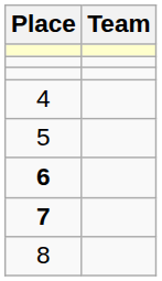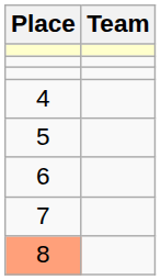 <table class="wikitable">
 <tr>
 <th>Place</th>
 <th>Team</th>
 </tr>
 <tr bgcolor=#ffffcc>
 <td align=center></td>
 <td></td>
 </tr>
 <tr>
 <td align=center></td>
 <td></td>
 </tr>
 <tr>
 <td align=center></td>
 <td></td>
 </tr>
 <tr>
 <td align=center>4</td>
 <td></td>
 </tr>
 <tr>
 <td align=center>5</td>
 <td></td>
 </tr>
 <tr>
-<td align=center><strong>6</strong></td>
+<td align=center>6</td>
 <td></td>
 </tr>
 <tr>
-<td align=center><strong>7</strong></td>
+<td align=center>7</td>
 <td></td>
 </tr>
 <tr>
-<td align=center>8</td>
+<td align=center style="background: lightsalmon;">8</td>
 <td></td>
 </tr>
 </table>
